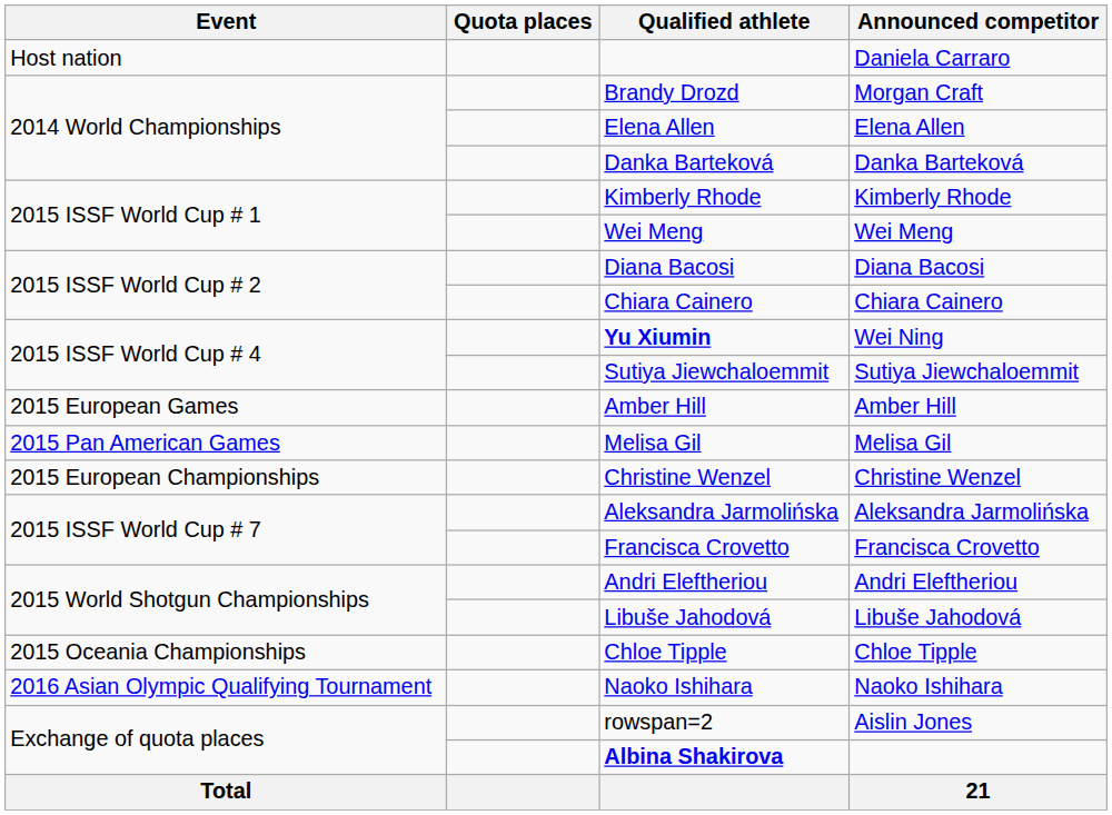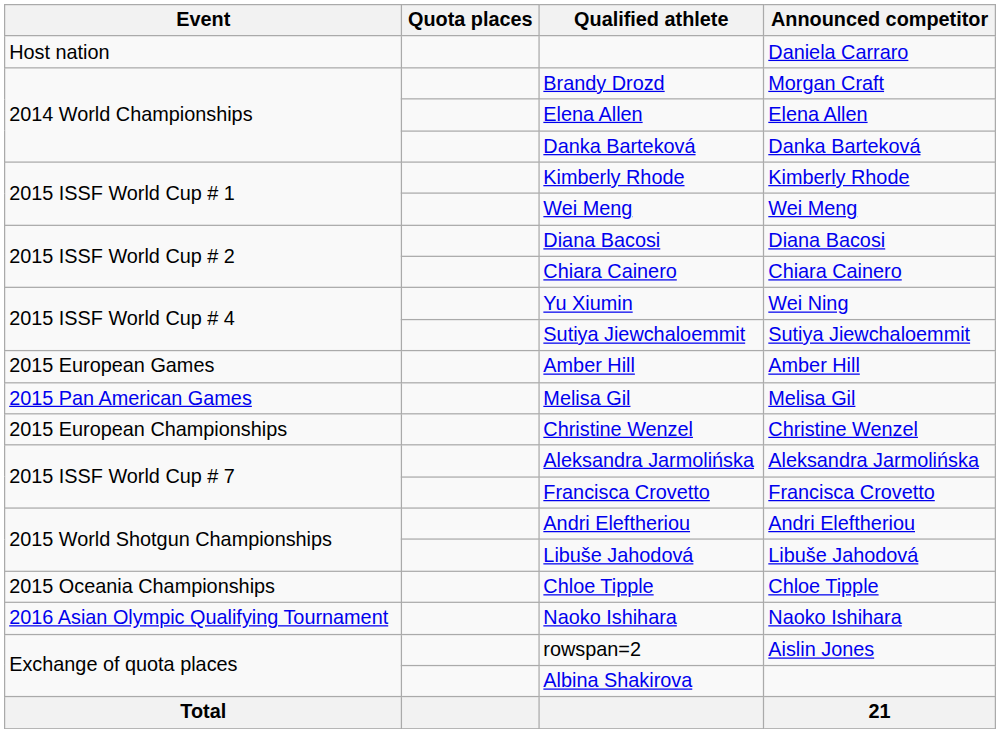 <table class=wikitable style="text-align:left" width=800>
 <tr>
 <th>Event</th>
 <th>Quota places</th>
 <th>Qualified athlete</th>
 <th>Announced competitor</th>
 </tr>
 <tr>
 <td>Host nation</td>
 <td></td>
 <td></td>
 <td><a href='#'>Daniela Carraro</a></td>
 </tr>
 <tr ≤>
 <td rowspan="3">2014 World Championships</td>
 <td></td>
 <td><a href='#'>Brandy Drozd</a></td>
 <td><a href='#'>Morgan Craft</a></td>
 </tr>
 <tr>
 <td></td>
 <td><a href='#'>Elena Allen</a></td>
 <td><a href='#'>Elena Allen</a></td>
 </tr>
 <tr>
 <td></td>
 <td><a href='#'>Danka Barteková</a></td>
 <td><a href='#'>Danka Barteková</a></td>
 </tr>
 <tr>
 <td rowspan="2">2015 ISSF World Cup # 1</td>
 <td></td>
 <td><a href='#'>Kimberly Rhode</a></td>
 <td><a href='#'>Kimberly Rhode</a></td>
 </tr>
 <tr>
 <td></td>
 <td><a href='#'>Wei Meng</a></td>
 <td><a href='#'>Wei Meng</a></td>
 </tr>
 <tr>
 <td rowspan="2">2015 ISSF World Cup # 2</td>
 <td></td>
 <td><a href='#'>Diana Bacosi</a></td>
 <td><a href='#'>Diana Bacosi</a></td>
 </tr>
 <tr>
 <td></td>
 <td><a href='#'>Chiara Cainero</a></td>
 <td><a href='#'>Chiara Cainero</a></td>
 </tr>
 <tr>
 <td rowspan="2">2015 ISSF World Cup # 4</td>
 <td></td>
-<td><strong><a href='#'>Yu Xiumin</a></strong></td>
+<td><a href='#'>Yu Xiumin</a></td>
 <td><a href='#'>Wei Ning</a></td>
 </tr>
 <tr>
 <td></td>
 <td><a href='#'>Sutiya Jiewchaloemmit</a></td>
 <td><a href='#'>Sutiya Jiewchaloemmit</a></td>
 </tr>
 <tr>
 <td>2015 European Games</td>
 <td></td>
 <td><a href='#'>Amber Hill</a></td>
 <td><a href='#'>Amber Hill</a></td>
 </tr>
 <tr>
 <td rowspan="1"><a href='#'>2015 Pan American Games</a></td>
 <td></td>
 <td><a href='#'>Melisa Gil</a></td>
 <td><a href='#'>Melisa Gil</a></td>
 </tr>
 <tr>
 <td rowspan="1">2015 European Championships</td>
 <td></td>
 <td><a href='#'>Christine Wenzel</a></td>
 <td><a href='#'>Christine Wenzel</a></td>
 </tr>
 <tr>
 <td rowspan="2">2015 ISSF World Cup # 7</td>
 <td></td>
 <td><a href='#'>Aleksandra Jarmolińska</a></td>
 <td><a href='#'>Aleksandra Jarmolińska</a></td>
 </tr>
 <tr>
 <td></td>
 <td><a href='#'>Francisca Crovetto</a></td>
 <td><a href='#'>Francisca Crovetto</a></td>
 </tr>
 <tr>
 <td rowspan="2">2015 World Shotgun Championships</td>
 <td></td>
 <td><a href='#'>Andri Eleftheriou</a></td>
 <td><a href='#'>Andri Eleftheriou</a></td>
 </tr>
 <tr>
 <td></td>
 <td><a href='#'>Libuše Jahodová</a></td>
 <td><a href='#'>Libuše Jahodová</a></td>
 </tr>
 <tr>
 <td rowspan="1">2015 Oceania Championships</td>
 <td></td>
 <td><a href='#'>Chloe Tipple</a></td>
 <td><a href='#'>Chloe Tipple</a></td>
 </tr>
 <tr>
 <td rowspan="1"><a href='#'>2016 Asian Olympic Qualifying Tournament</a></td>
 <td></td>
 <td><a href='#'>Naoko Ishihara</a></td>
 <td><a href='#'>Naoko Ishihara</a></td>
 </tr>
 <tr>
 <td rowspan=2>Exchange of quota places</td>
 <td></td>
 <td>rowspan=2 </td>
 <td><a href='#'>Aislin Jones</a></td>
 </tr>
 <tr>
 <td></td>
-<td><strong><a href='#'>Albina Shakirova</a></strong></td>
+<td><a href='#'>Albina Shakirova</a></td>
 </tr>
 <tr>
 <th>Total</th>
 <th></th>
 <th></th>
 <th>21</th>
 </tr>
 </table>
